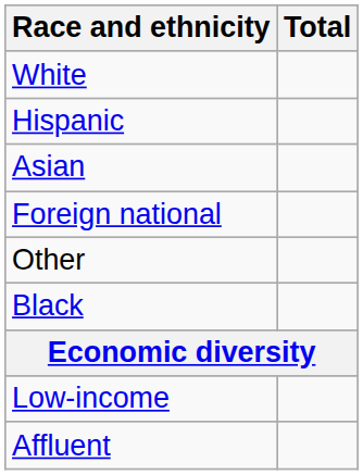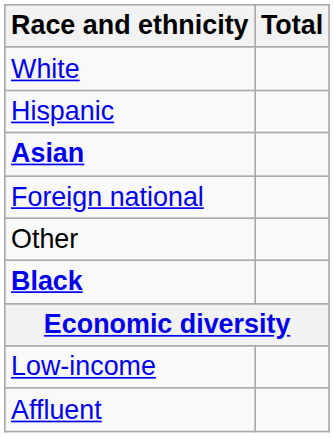 <table class="wikitable floatright sortable collapsible"; text-align:right; font-size:80%;">
 <tr>
 <th>Race and ethnicity</th>
 <th colspan="2" data-sort-type=number>Total</th>
 </tr>
 <tr>
 <td><a href='#'>White</a></td>
 <td align=right></td>
 </tr>
 <tr>
 <td><a href='#'>Hispanic</a></td>
 <td align=right></td>
 </tr>
 <tr>
-<td><a href='#'>Asian</a></td>
+<td><strong><a href='#'>Asian</a></strong></td>
 <td align=right></td>
 </tr>
 <tr>
 <td><a href='#'>Foreign national</a></td>
 <td align=right></td>
 </tr>
 <tr>
 <td>Other</td>
 <td align=right></td>
 </tr>
 <tr>
-<td><a href='#'>Black</a></td>
+<td><strong><a href='#'>Black</a></strong></td>
 <td align=right></td>
 </tr>
 <tr>
 <th colspan="3" data-sort-type="number"><a href='#'>Economic diversity</a></th>
 </tr>
 <tr>
 <td><a href='#'>Low-income</a></td>
 <td align=right></td>
 </tr>
 <tr>
 <td><a href='#'>Affluent</a></td>
 <td align=right></td>
 </tr>
 </table>
